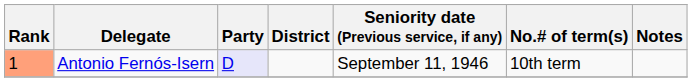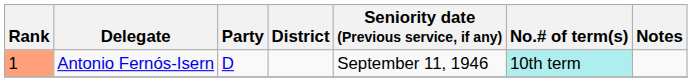 <table class="wikitable sortable">
 <tr valign=bottom>
 <th>Rank</th>
 <th>Delegate</th>
 <th>Party</th>
 <th>District</th>
 <th>Seniority date<br><small>(Previous service, if any)</small><br></th>
 <th>No.# of term(s)</th>
 <th>Notes</th>
 </tr>
 <tr>
 <td style="background: lightsalmon;">1</td>
 <td><a href='#'>Antonio Fernós-Isern</a></td>
-<td style="background: lavender;"><a href='#'>D</a></td>
+<td><a href='#'>D</a></td>
 <td></td>
 <td>September 11, 1946</td>
-<td>10th term</td>
+<td style="background: paleturquoise;">10th term</td>
 <td></td>
 </tr>
 <tr>
 </tr>
 </table>
